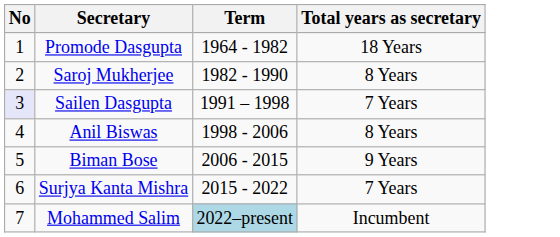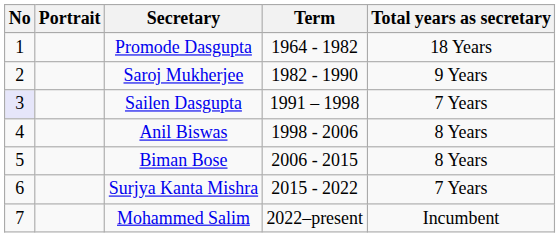 <table class ="wikitable" style="text-align:center">
 <tr>
 <th Style="background-color:">No</th>
+<th Style="background-color:">Portrait</th>
 <th Style="background-color:">Secretary</th>
 <th Style="background-color:">Term</th>
 <th Style="background-color:">Total years as secretary</th>
 </tr>
 <tr>
 <td>1</td>
+<td></td>
 <td><a href='#'>Promode Dasgupta</a></td>
 <td>1964 - 1982</td>
 <td>18 Years</td>
 </tr>
 <tr>
 <td>2</td>
+<td></td>
 <td><a href='#'>Saroj Mukherjee</a></td>
 <td>1982 - 1990</td>
-<td>8 Years</td>
+<td>9 Years</td>
 </tr>
 <tr>
 <td style="background: lavender;">3</td>
+<td></td>
 <td><a href='#'>Sailen Dasgupta</a></td>
 <td>1991 – 1998</td>
 <td>7 Years</td>
 </tr>
 <tr>
 <td>4</td>
+<td></td>
 <td><a href='#'>Anil Biswas</a></td>
 <td>1998 - 2006</td>
 <td>8 Years</td>
 </tr>
 <tr>
 <td>5</td>
+<td></td>
 <td><a href='#'>Biman Bose</a></td>
 <td>2006 - 2015</td>
-<td>9 Years</td>
+<td>8 Years</td>
 </tr>
 <tr>
 <td>6</td>
+<td></td>
 <td><a href='#'>Surjya Kanta Mishra</a></td>
 <td>2015 - 2022</td>
 <td>7 Years</td>
 </tr>
 <tr>
 <td>7</td>
+<td></td>
 <td><a href='#'>Mohammed Salim</a></td>
-<td style="background: lightblue;">2022–present</td>
+<td>2022–present</td>
 <td>Incumbent</td>
 </tr>
 </table>
